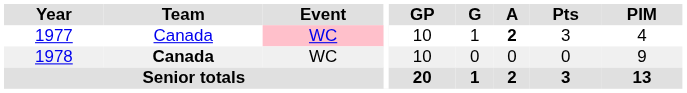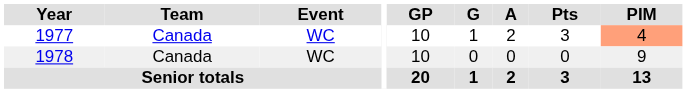 <table border="0" cellpadding="1" cellspacing="0" ID="Table3" style="text-align:center; width:40em">
 <tr bgcolor="#e0e0e0">
 <th>Year</th>
 <th>Team</th>
 <th>Event</th>
 <th rowspan="102" bgcolor="#ffffff"></th>
 <th>GP</th>
 <th>G</th>
 <th>A</th>
 <th>Pts</th>
 <th>PIM</th>
 </tr>
 <tr>
 <td><a href='#'>1977</a></td>
 <td><a href='#'>Canada</a></td>
-<td style="background: pink;"><a href='#'>WC</a></td>
+<td><a href='#'>WC</a></td>
 <td>10</td>
 <td>1</td>
-<td><strong>2</strong></td>
+<td>2</td>
 <td>3</td>
-<td>4</td>
+<td style="background: lightsalmon;">4</td>
 </tr>
 <tr bgcolor="#f0f0f0">
 <td><a href='#'>1978</a></td>
-<td><strong>Canada</strong></td>
+<td>Canada</td>
 <td>WC</td>
 <td>10</td>
 <td>0</td>
 <td>0</td>
 <td>0</td>
 <td>9</td>
 </tr>
 <tr bgcolor="#e0e0e0">
 <th colspan="3">Senior totals</th>
 <th>20</th>
 <th>1</th>
 <th>2</th>
 <th>3</th>
 <th>13</th>
 </tr>
 </table>
